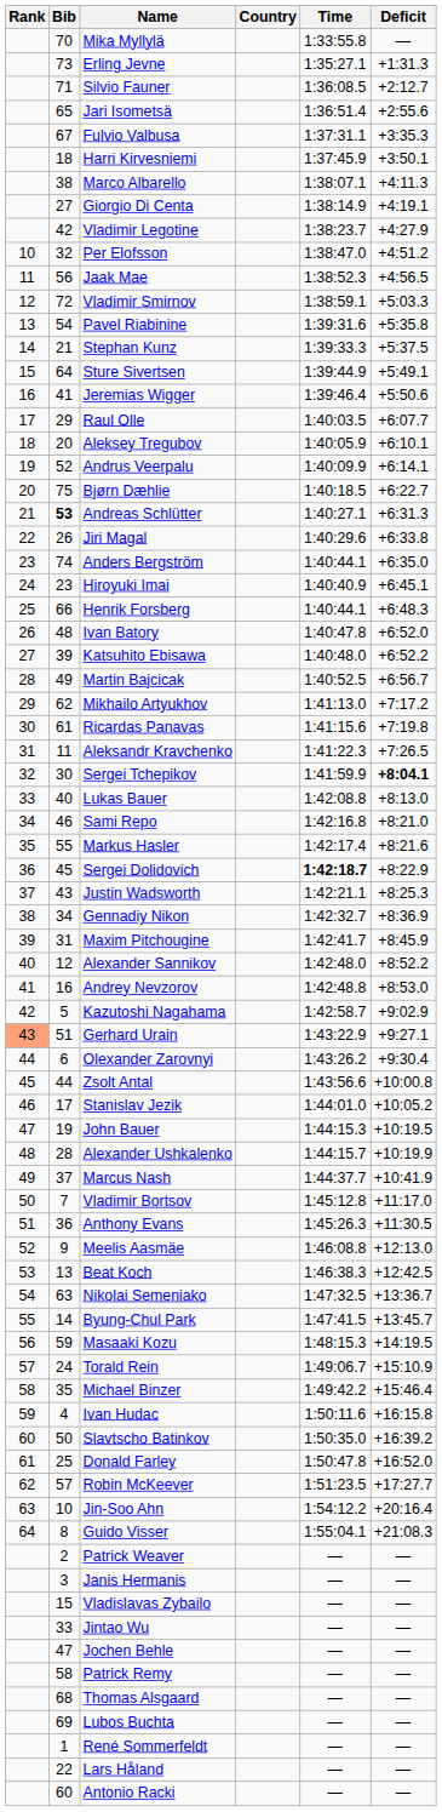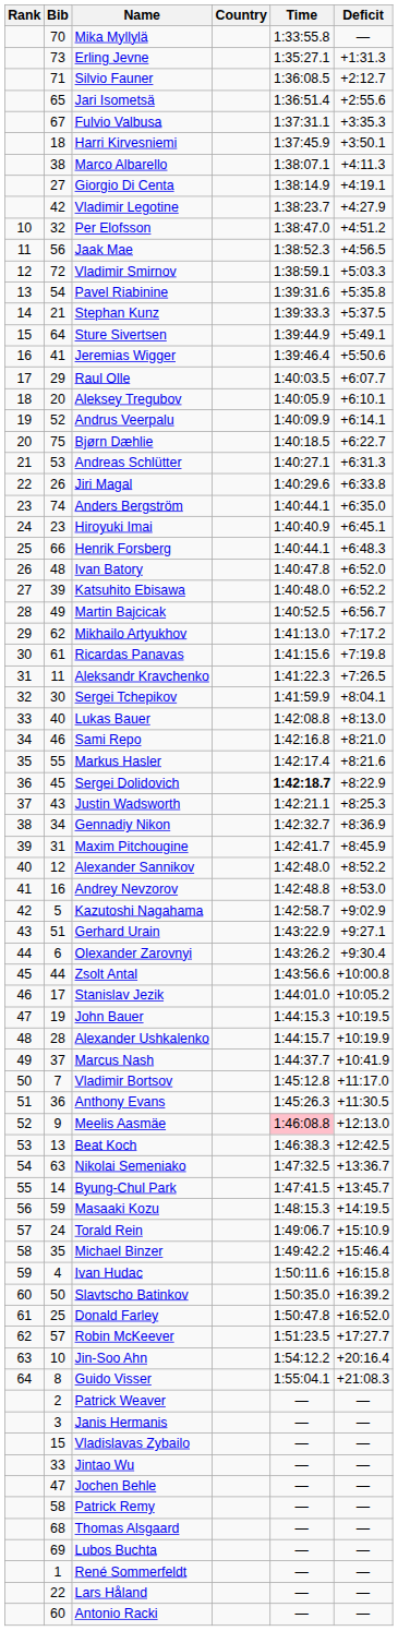 <table class="wikitable sortable" style="text-align:center">
 <tr>
 <th>Rank</th>
 <th>Bib</th>
 <th>Name</th>
 <th>Country</th>
 <th>Time</th>
 <th>Deficit</th>
 </tr>
 <tr>
 <td></td>
 <td>70</td>
 <td align="left"><a href='#'>Mika Myllylä</a></td>
 <td align="left"></td>
 <td>1:33:55.8</td>
 <td>—</td>
 </tr>
 <tr>
 <td></td>
 <td>73</td>
 <td align="left"><a href='#'>Erling Jevne</a></td>
 <td align="left"></td>
 <td>1:35:27.1</td>
 <td>+1:31.3</td>
 </tr>
 <tr>
 <td></td>
 <td>71</td>
 <td align="left"><a href='#'>Silvio Fauner</a></td>
 <td align="left"></td>
 <td>1:36:08.5</td>
 <td>+2:12.7</td>
 </tr>
 <tr>
 <td></td>
 <td>65</td>
 <td align="left"><a href='#'>Jari Isometsä</a></td>
 <td align="left"></td>
 <td>1:36:51.4</td>
 <td>+2:55.6</td>
 </tr>
 <tr>
 <td></td>
 <td>67</td>
 <td align="left"><a href='#'>Fulvio Valbusa</a></td>
 <td align="left"></td>
 <td>1:37:31.1</td>
 <td>+3:35.3</td>
 </tr>
 <tr>
 <td></td>
 <td>18</td>
 <td align="left"><a href='#'>Harri Kirvesniemi</a></td>
 <td align="left"></td>
 <td>1:37:45.9</td>
 <td>+3:50.1</td>
 </tr>
 <tr>
 <td></td>
 <td>38</td>
 <td align="left"><a href='#'>Marco Albarello</a></td>
 <td align="left"></td>
 <td>1:38:07.1</td>
 <td>+4:11.3</td>
 </tr>
 <tr>
 <td></td>
 <td>27</td>
 <td align="left"><a href='#'>Giorgio Di Centa</a></td>
 <td align="left"></td>
 <td>1:38:14.9</td>
 <td>+4:19.1</td>
 </tr>
 <tr>
 <td></td>
 <td>42</td>
 <td align="left"><a href='#'>Vladimir Legotine</a></td>
 <td align="left"></td>
 <td>1:38:23.7</td>
 <td>+4:27.9</td>
 </tr>
 <tr>
 <td>10</td>
 <td>32</td>
 <td align="left"><a href='#'>Per Elofsson</a></td>
 <td align="left"></td>
 <td>1:38:47.0</td>
 <td>+4:51.2</td>
 </tr>
 <tr>
 <td>11</td>
 <td>56</td>
 <td align="left"><a href='#'>Jaak Mae</a></td>
 <td align="left"></td>
 <td>1:38:52.3</td>
 <td>+4:56.5</td>
 </tr>
 <tr>
 <td>12</td>
 <td>72</td>
 <td align="left"><a href='#'>Vladimir Smirnov</a></td>
 <td align="left"></td>
 <td>1:38:59.1</td>
 <td>+5:03.3</td>
 </tr>
 <tr>
 <td>13</td>
 <td>54</td>
 <td align="left"><a href='#'>Pavel Riabinine</a></td>
 <td align="left"></td>
 <td>1:39:31.6</td>
 <td>+5:35.8</td>
 </tr>
 <tr>
 <td>14</td>
 <td>21</td>
 <td align="left"><a href='#'>Stephan Kunz</a></td>
 <td align="left"></td>
 <td>1:39:33.3</td>
 <td>+5:37.5</td>
 </tr>
 <tr>
 <td>15</td>
 <td>64</td>
 <td align="left"><a href='#'>Sture Sivertsen</a></td>
 <td align="left"></td>
 <td>1:39:44.9</td>
 <td>+5:49.1</td>
 </tr>
 <tr>
 <td>16</td>
 <td>41</td>
 <td align="left"><a href='#'>Jeremias Wigger</a></td>
 <td align="left"></td>
 <td>1:39:46.4</td>
 <td>+5:50.6</td>
 </tr>
 <tr>
 <td>17</td>
 <td>29</td>
 <td align="left"><a href='#'>Raul Olle</a></td>
 <td align="left"></td>
 <td>1:40:03.5</td>
 <td>+6:07.7</td>
 </tr>
 <tr>
 <td>18</td>
 <td>20</td>
 <td align="left"><a href='#'>Aleksey Tregubov</a></td>
 <td align="left"></td>
 <td>1:40:05.9</td>
 <td>+6:10.1</td>
 </tr>
 <tr>
 <td>19</td>
 <td>52</td>
 <td align="left"><a href='#'>Andrus Veerpalu</a></td>
 <td align="left"></td>
 <td>1:40:09.9</td>
 <td>+6:14.1</td>
 </tr>
 <tr>
 <td>20</td>
 <td>75</td>
 <td align="left"><a href='#'>Bjørn Dæhlie</a></td>
 <td align="left"></td>
 <td>1:40:18.5</td>
 <td>+6:22.7</td>
 </tr>
 <tr>
 <td>21</td>
-<td><strong>53</strong></td>
+<td>53</td>
 <td align="left"><a href='#'>Andreas Schlütter</a></td>
 <td align="left"></td>
 <td>1:40:27.1</td>
 <td>+6:31.3</td>
 </tr>
 <tr>
 <td>22</td>
 <td>26</td>
 <td align="left"><a href='#'>Jiri Magal</a></td>
 <td align="left"></td>
 <td>1:40:29.6</td>
 <td>+6:33.8</td>
 </tr>
 <tr>
 <td>23</td>
 <td>74</td>
 <td align="left"><a href='#'>Anders Bergström</a></td>
 <td align="left"></td>
 <td>1:40:44.1</td>
 <td>+6:35.0</td>
 </tr>
 <tr>
 <td>24</td>
 <td>23</td>
 <td align="left"><a href='#'>Hiroyuki Imai</a></td>
 <td align="left"></td>
 <td>1:40:40.9</td>
 <td>+6:45.1</td>
 </tr>
 <tr>
 <td>25</td>
 <td>66</td>
 <td align="left"><a href='#'>Henrik Forsberg</a></td>
 <td align="left"></td>
 <td>1:40:44.1</td>
 <td>+6:48.3</td>
 </tr>
 <tr>
 <td>26</td>
 <td>48</td>
 <td align="left"><a href='#'>Ivan Batory</a></td>
 <td align="left"></td>
 <td>1:40:47.8</td>
 <td>+6:52.0</td>
 </tr>
 <tr>
 <td>27</td>
 <td>39</td>
 <td align="left"><a href='#'>Katsuhito Ebisawa</a></td>
 <td align="left"></td>
 <td>1:40:48.0</td>
 <td>+6:52.2</td>
 </tr>
 <tr>
 <td>28</td>
 <td>49</td>
 <td align="left"><a href='#'>Martin Bajcicak</a></td>
 <td align="left"></td>
 <td>1:40:52.5</td>
 <td>+6:56.7</td>
 </tr>
 <tr>
 <td>29</td>
 <td>62</td>
 <td align="left"><a href='#'>Mikhailo Artyukhov</a></td>
 <td align="left"></td>
 <td>1:41:13.0</td>
 <td>+7:17.2</td>
 </tr>
 <tr>
 <td>30</td>
 <td>61</td>
 <td align="left"><a href='#'>Ricardas Panavas</a></td>
 <td align="left"></td>
 <td>1:41:15.6</td>
 <td>+7:19.8</td>
 </tr>
 <tr>
 <td>31</td>
 <td>11</td>
 <td align="left"><a href='#'>Aleksandr Kravchenko</a></td>
 <td align="left"></td>
 <td>1:41:22.3</td>
 <td>+7:26.5</td>
 </tr>
 <tr>
 <td>32</td>
 <td>30</td>
 <td align="left"><a href='#'>Sergei Tchepikov</a></td>
 <td align="left"></td>
 <td>1:41:59.9</td>
-<td><strong>+8:04.1</strong></td>
+<td>+8:04.1</td>
 </tr>
 <tr>
 <td>33</td>
 <td>40</td>
 <td align="left"><a href='#'>Lukas Bauer</a></td>
 <td align="left"></td>
 <td>1:42:08.8</td>
 <td>+8:13.0</td>
 </tr>
 <tr>
 <td>34</td>
 <td>46</td>
 <td align="left"><a href='#'>Sami Repo</a></td>
 <td align="left"></td>
 <td>1:42:16.8</td>
 <td>+8:21.0</td>
 </tr>
 <tr>
 <td>35</td>
 <td>55</td>
 <td align="left"><a href='#'>Markus Hasler</a></td>
 <td align="left"></td>
 <td>1:42:17.4</td>
 <td>+8:21.6</td>
 </tr>
 <tr>
 <td>36</td>
 <td>45</td>
 <td align="left"><a href='#'>Sergei Dolidovich</a></td>
 <td align="left"></td>
 <td><strong>1:42:18.7</strong></td>
 <td>+8:22.9</td>
 </tr>
 <tr>
 <td>37</td>
 <td>43</td>
 <td align="left"><a href='#'>Justin Wadsworth</a></td>
 <td align="left"></td>
 <td>1:42:21.1</td>
 <td>+8:25.3</td>
 </tr>
 <tr>
 <td>38</td>
 <td>34</td>
 <td align="left"><a href='#'>Gennadiy Nikon</a></td>
 <td align="left"></td>
 <td>1:42:32.7</td>
 <td>+8:36.9</td>
 </tr>
 <tr>
 <td>39</td>
 <td>31</td>
 <td align="left"><a href='#'>Maxim Pitchougine</a></td>
 <td align="left"></td>
 <td>1:42:41.7</td>
 <td>+8:45.9</td>
 </tr>
 <tr>
 <td>40</td>
 <td>12</td>
 <td align="left"><a href='#'>Alexander Sannikov</a></td>
 <td align="left"></td>
 <td>1:42:48.0</td>
 <td>+8:52.2</td>
 </tr>
 <tr>
 <td>41</td>
 <td>16</td>
 <td align="left"><a href='#'>Andrey Nevzorov</a></td>
 <td align="left"></td>
 <td>1:42:48.8</td>
 <td>+8:53.0</td>
 </tr>
 <tr>
 <td>42</td>
 <td>5</td>
 <td align="left"><a href='#'>Kazutoshi Nagahama</a></td>
 <td align="left"></td>
 <td>1:42:58.7</td>
 <td>+9:02.9</td>
 </tr>
 <tr>
-<td style="background: lightsalmon;">43</td>
+<td>43</td>
 <td>51</td>
 <td align="left"><a href='#'>Gerhard Urain</a></td>
 <td align="left"></td>
 <td>1:43:22.9</td>
 <td>+9:27.1</td>
 </tr>
 <tr>
 <td>44</td>
 <td>6</td>
 <td align="left"><a href='#'>Olexander Zarovnyi</a></td>
 <td align="left"></td>
 <td>1:43:26.2</td>
 <td>+9:30.4</td>
 </tr>
 <tr>
 <td>45</td>
 <td>44</td>
 <td align="left"><a href='#'>Zsolt Antal</a></td>
 <td align="left"></td>
 <td>1:43:56.6</td>
 <td>+10:00.8</td>
 </tr>
 <tr>
 <td>46</td>
 <td>17</td>
 <td align="left"><a href='#'>Stanislav Jezik</a></td>
 <td align="left"></td>
 <td>1:44:01.0</td>
 <td>+10:05.2</td>
 </tr>
 <tr>
 <td>47</td>
 <td>19</td>
 <td align="left"><a href='#'>John Bauer</a></td>
 <td align="left"></td>
 <td>1:44:15.3</td>
 <td>+10:19.5</td>
 </tr>
 <tr>
 <td>48</td>
 <td>28</td>
 <td align="left"><a href='#'>Alexander Ushkalenko</a></td>
 <td align="left"></td>
 <td>1:44:15.7</td>
 <td>+10:19.9</td>
 </tr>
 <tr>
 <td>49</td>
 <td>37</td>
 <td align="left"><a href='#'>Marcus Nash</a></td>
 <td align="left"></td>
 <td>1:44:37.7</td>
 <td>+10:41.9</td>
 </tr>
 <tr>
 <td>50</td>
 <td>7</td>
 <td align="left"><a href='#'>Vladimir Bortsov</a></td>
 <td align="left"></td>
 <td>1:45:12.8</td>
 <td>+11:17.0</td>
 </tr>
 <tr>
 <td>51</td>
 <td>36</td>
 <td align="left"><a href='#'>Anthony Evans</a></td>
 <td align="left"></td>
 <td>1:45:26.3</td>
 <td>+11:30.5</td>
 </tr>
 <tr>
 <td>52</td>
 <td>9</td>
 <td align="left"><a href='#'>Meelis Aasmäe</a></td>
 <td align="left"></td>
-<td>1:46:08.8</td>
+<td style="background: pink;">1:46:08.8</td>
 <td>+12:13.0</td>
 </tr>
 <tr>
 <td>53</td>
 <td>13</td>
 <td align="left"><a href='#'>Beat Koch</a></td>
 <td align="left"></td>
 <td>1:46:38.3</td>
 <td>+12:42.5</td>
 </tr>
 <tr>
 <td>54</td>
 <td>63</td>
 <td align="left"><a href='#'>Nikolai Semeniako</a></td>
 <td align="left"></td>
 <td>1:47:32.5</td>
 <td>+13:36.7</td>
 </tr>
 <tr>
 <td>55</td>
 <td>14</td>
 <td align="left"><a href='#'>Byung-Chul Park</a></td>
 <td align="left"></td>
 <td>1:47:41.5</td>
 <td>+13:45.7</td>
 </tr>
 <tr>
 <td>56</td>
 <td>59</td>
 <td align="left"><a href='#'>Masaaki Kozu</a></td>
 <td align="left"></td>
 <td>1:48:15.3</td>
 <td>+14:19.5</td>
 </tr>
 <tr>
 <td>57</td>
 <td>24</td>
 <td align="left"><a href='#'>Torald Rein</a></td>
 <td align="left"></td>
 <td>1:49:06.7</td>
 <td>+15:10.9</td>
 </tr>
 <tr>
 <td>58</td>
 <td>35</td>
 <td align="left"><a href='#'>Michael Binzer</a></td>
 <td align="left"></td>
 <td>1:49:42.2</td>
 <td>+15:46.4</td>
 </tr>
 <tr>
 <td>59</td>
 <td>4</td>
 <td align="left"><a href='#'>Ivan Hudac</a></td>
 <td align="left"></td>
 <td>1:50:11.6</td>
 <td>+16:15.8</td>
 </tr>
 <tr>
 <td>60</td>
 <td>50</td>
 <td align="left"><a href='#'>Slavtscho Batinkov</a></td>
 <td align="left"></td>
 <td>1:50:35.0</td>
 <td>+16:39.2</td>
 </tr>
 <tr>
 <td>61</td>
 <td>25</td>
 <td align="left"><a href='#'>Donald Farley</a></td>
 <td align="left"></td>
 <td>1:50:47.8</td>
 <td>+16:52.0</td>
 </tr>
 <tr>
 <td>62</td>
 <td>57</td>
 <td align="left"><a href='#'>Robin McKeever</a></td>
 <td align="left"></td>
 <td>1:51:23.5</td>
 <td>+17:27.7</td>
 </tr>
 <tr>
 <td>63</td>
 <td>10</td>
 <td align="left"><a href='#'>Jin-Soo Ahn</a></td>
 <td align="left"></td>
 <td>1:54:12.2</td>
 <td>+20:16.4</td>
 </tr>
 <tr>
 <td>64</td>
 <td>8</td>
 <td align="left"><a href='#'>Guido Visser</a></td>
 <td align="left"></td>
 <td>1:55:04.1</td>
 <td>+21:08.3</td>
 </tr>
 <tr>
 <td></td>
 <td>2</td>
 <td align="left"><a href='#'>Patrick Weaver</a></td>
 <td align="left"></td>
 <td>—</td>
 <td>—</td>
 </tr>
 <tr>
 <td></td>
 <td>3</td>
 <td align="left"><a href='#'>Janis Hermanis</a></td>
 <td align="left"></td>
 <td>—</td>
 <td>—</td>
 </tr>
 <tr>
 <td></td>
 <td>15</td>
 <td align="left"><a href='#'>Vladislavas Zybailo</a></td>
 <td align="left"></td>
 <td>—</td>
 <td>—</td>
 </tr>
 <tr>
 <td></td>
 <td>33</td>
 <td align="left"><a href='#'>Jintao Wu</a></td>
 <td align="left"></td>
 <td>—</td>
 <td>—</td>
 </tr>
 <tr>
 <td></td>
 <td>47</td>
 <td align="left"><a href='#'>Jochen Behle</a></td>
 <td align="left"></td>
 <td>—</td>
 <td>—</td>
 </tr>
 <tr>
 <td></td>
 <td>58</td>
 <td align="left"><a href='#'>Patrick Remy</a></td>
 <td align="left"></td>
 <td>—</td>
 <td>—</td>
 </tr>
 <tr>
 <td></td>
 <td>68</td>
 <td align="left"><a href='#'>Thomas Alsgaard</a></td>
 <td align="left"></td>
 <td>—</td>
 <td>—</td>
 </tr>
 <tr>
 <td></td>
 <td>69</td>
 <td align="left"><a href='#'>Lubos Buchta</a></td>
 <td align="left"></td>
 <td>—</td>
 <td>—</td>
 </tr>
 <tr>
 <td></td>
 <td>1</td>
 <td align="left"><a href='#'>René Sommerfeldt</a></td>
 <td align="left"></td>
 <td>—</td>
 <td>—</td>
 </tr>
 <tr>
 <td></td>
 <td>22</td>
 <td align="left"><a href='#'>Lars Håland</a></td>
 <td align="left"></td>
 <td>—</td>
 <td>—</td>
 </tr>
 <tr>
 <td></td>
 <td>60</td>
 <td align="left"><a href='#'>Antonio Racki</a></td>
 <td align="left"></td>
 <td>—</td>
 <td>—</td>
 </tr>
 </table>
